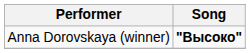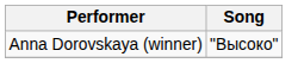 <table class="wikitable" style="text-align:center;">
 <tr>
 <th>Performer</th>
 <th>Song</th>
 </tr>
 <tr>
 <td>Anna Dorovskaya (winner)</td>
-<td><strong>"Высоко"</strong></td>
+<td>"Высоко"</td>
 </tr>
 <tr>
 </tr>
 </table>
